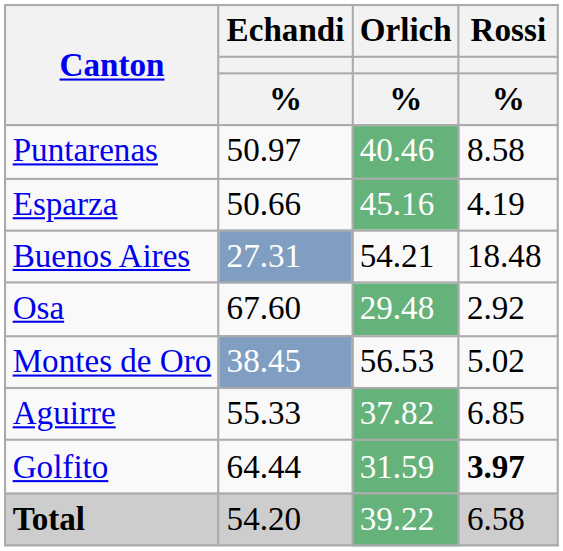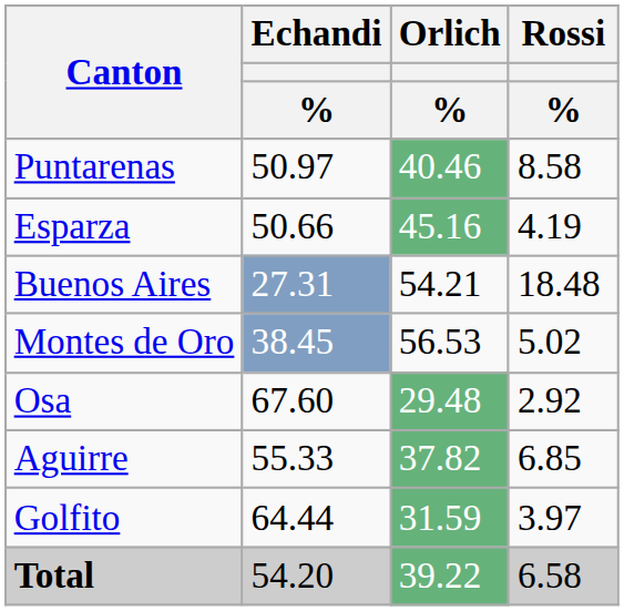 <table class="wikitable mw-collapsible mw-collapsed">
 <tr>
 <th rowspan="3"><a href='#'>Canton</a></th>
 <th colspan="1" width="40px">Echandi</th>
 <th colspan="1" width="40px">Orlich</th>
 <th colspan="1" width="40px">Rossi</th>
 </tr>
 <tr>
 <th style="background:"></th>
 <th style="background:"></th>
 <th style="background:"></th>
 </tr>
 <tr>
 <th data-sort-type="number">%</th>
 <th data-sort-type="number">%</th>
 <th data-sort-type="number">%</th>
 </tr>
 <tr>
 <td align="left"><a href='#'>Puntarenas</a></td>
 <td style="background:">50.97</td>
 <td style="background:#66B27B; color:white;">40.46</td>
 <td>8.58</td>
 </tr>
 <tr>
 <td align="left"><a href='#'>Esparza</a></td>
 <td style="background:">50.66</td>
 <td style="background:#66B27B; color:white;">45.16</td>
 <td>4.19</td>
 </tr>
 <tr>
 <td align="left"><a href='#'>Buenos Aires</a></td>
 <td style="background:#809ec1; color:white;">27.31</td>
 <td style="background:">54.21</td>
 <td>18.48</td>
 </tr>
 <tr>
+<td align="left"><a href='#'>Montes de Oro</a></td>
+<td style="background:#809ec1; color:white;">38.45</td>
+<td style="background:">56.53</td>
+<td>5.02</td>
+</tr>
+<tr>
 <td align="left"><a href='#'>Osa</a></td>
 <td style="background:">67.60</td>
 <td style="background:#66B27B; color:white;">29.48</td>
 <td>2.92</td>
-</tr>
-<tr>
-<td align="left"><a href='#'>Montes de Oro</a></td>
-<td style="background:#809ec1; color:white;">38.45</td>
-<td style="background:">56.53</td>
-<td>5.02</td>
 </tr>
 <tr>
 <td align="left"><a href='#'>Aguirre</a></td>
 <td style="background:">55.33</td>
 <td style="background:#66B27B; color:white;">37.82</td>
 <td>6.85</td>
 </tr>
 <tr>
 <td align="left"><a href='#'>Golfito</a></td>
 <td style="background:">64.44</td>
 <td style="background:#66B27B; color:white;">31.59</td>
-<td><strong>3.97</strong></td>
+<td>3.97</td>
 </tr>
 <tr style="background:#CDCDCD;">
 <td align="left"><strong>Total</strong></td>
 <td style="background:">54.20</td>
 <td style="background:#66B27B; color:white;">39.22</td>
 <td>6.58</td>
 </tr>
 </table>
